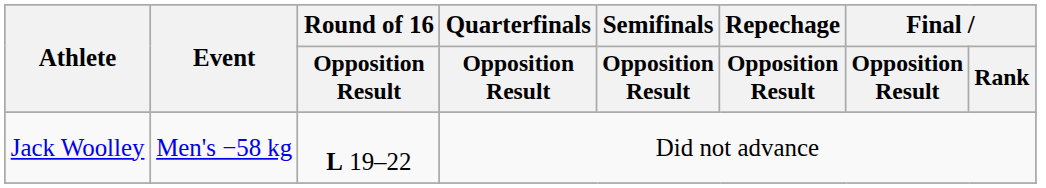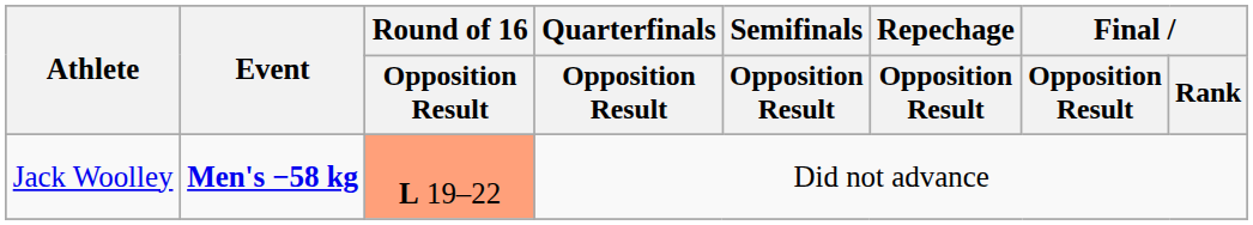 <table class="wikitable" style="font-size:90%">
 <tr>
 <th rowspan="2">Athlete</th>
 <th rowspan="2">Event</th>
 <th>Round of 16</th>
 <th>Quarterfinals</th>
 <th>Semifinals</th>
 <th>Repechage</th>
 <th colspan=2>Final / </th>
 </tr>
 <tr style="font-size:95%">
 <th>Opposition<br>Result</th>
 <th>Opposition<br>Result</th>
 <th>Opposition<br>Result</th>
 <th>Opposition<br>Result</th>
 <th>Opposition<br>Result</th>
 <th>Rank</th>
 </tr>
 <tr align=center>
 <td align=left><a href='#'>Jack Woolley</a></td>
-<td align=left><a href='#'>Men's −58 kg</a></td>
-<td><br><strong>L</strong> 19–22</td>
+<td align=left><strong><a href='#'>Men's −58 kg</a></strong></td>
+<td style="background: lightsalmon;"><br><strong>L</strong> 19–22</td>
 <td colspan=5>Did not advance</td>
 </tr>
 </table>
